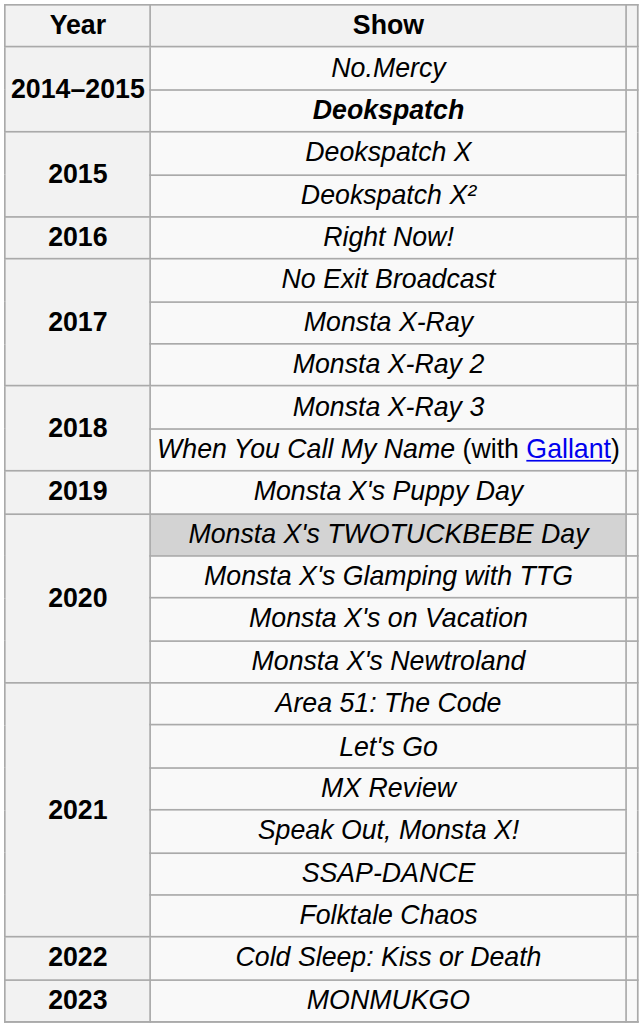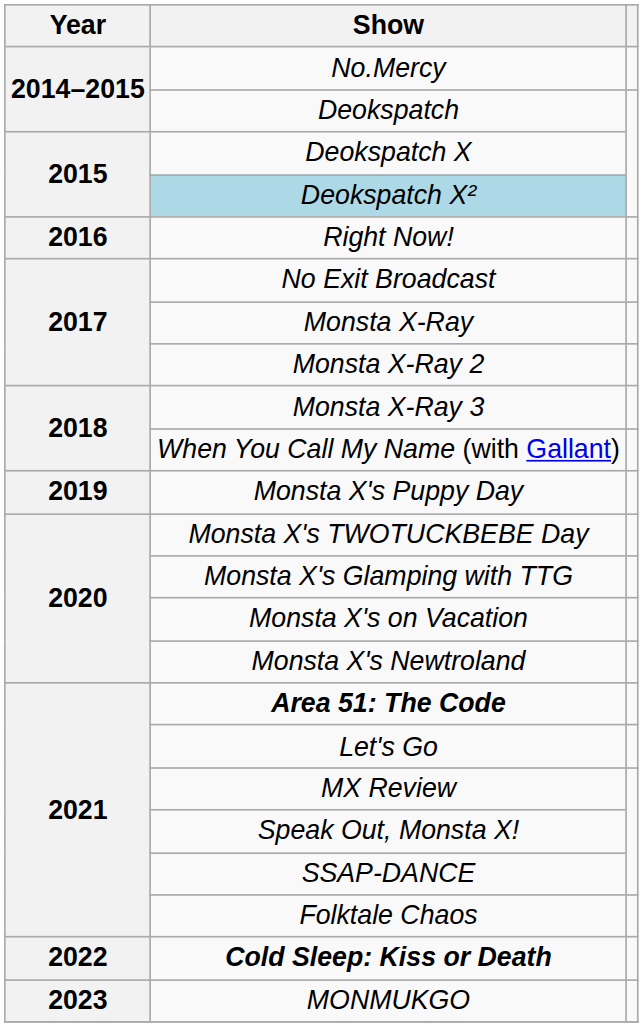 <table class="wikitable sortable plainrowheaders">
 <tr>
 <th scope="col">Year</th>
 <th scope="col">Show</th>
 <th scope="col" class="unsortable"></th>
 </tr>
 <tr>
 <th scope="row" rowspan="2">2014–2015</th>
 <td align="center"><em>No.Mercy</em></td>
 <td align="center"></td>
 </tr>
 <tr>
-<td align="center"><strong><em>Deokspatch</em></strong></td>
+<td align="center"><em>Deokspatch</em></td>
 <td align="center" rowspan="3"></td>
 </tr>
 <tr>
 <th scope="row" rowspan="2">2015</th>
 <td align="center"><em>Deokspatch X</em></td>
 </tr>
 <tr>
-<td align="center"><em>Deokspatch X²</em></td>
+<td align="center" style="background: lightblue;"><em>Deokspatch X²</em></td>
 </tr>
 <tr>
 <th scope="row">2016</th>
 <td align="center"><em>Right Now!</em></td>
 <td align="center"></td>
 </tr>
 <tr>
 <th scope="row" rowspan="3">2017</th>
 <td align="center"><em>No Exit Broadcast</em></td>
 <td align="center"></td>
 </tr>
 <tr>
 <td align="center"><em>Monsta X-Ray</em></td>
 <td align="center"></td>
 </tr>
 <tr>
 <td align="center"><em>Monsta X-Ray 2</em></td>
 <td align="center"></td>
 </tr>
 <tr>
 <th scope="row" rowspan="2">2018</th>
 <td align="center"><em>Monsta X-Ray 3</em></td>
 <td align="center"></td>
 </tr>
 <tr>
 <td align="center"><em>When You Call My Name</em> (with <a href='#'>Gallant</a>)</td>
 <td align="center"></td>
 </tr>
 <tr>
 <th scope="row">2019</th>
 <td align="center"><em>Monsta X's Puppy Day</em></td>
 <td align="center"></td>
 </tr>
 <tr>
 <th scope="row" rowspan="4">2020</th>
-<td align="center" style="background: lightgrey;"><em>Monsta X's TWOTUCKBEBE Day</em></td>
+<td align="center"><em>Monsta X's TWOTUCKBEBE Day</em></td>
 <td align="center"></td>
 </tr>
 <tr>
 <td align="center"><em>Monsta X's Glamping with TTG</em></td>
 <td align="center"></td>
 </tr>
 <tr>
 <td align="center"><em>Monsta X's on Vacation</em></td>
 <td align="center"></td>
 </tr>
 <tr>
 <td align="center"><em>Monsta X's Newtroland</em></td>
 <td align="center"></td>
 </tr>
 <tr>
 <th scope="row" rowspan="6">2021</th>
-<td align="center"><em>Area 51: The Code</em></td>
+<td align="center"><strong><em>Area 51: The Code</em></strong></td>
 <td align="center"></td>
 </tr>
 <tr>
 <td align="center"><em>Let's Go</em></td>
 <td align="center"></td>
 </tr>
 <tr>
 <td align="center"><em>MX Review</em></td>
 <td align="center" rowspan="3"></td>
 </tr>
 <tr>
 <td align="center"><em>Speak Out, Monsta X!</em></td>
 </tr>
 <tr>
 <td align="center"><em>SSAP-DANCE</em></td>
 </tr>
 <tr>
 <td align="center"><em>Folktale Chaos</em></td>
 <td align="center"></td>
 </tr>
 <tr>
 <th scope="row">2022</th>
-<td align="center"><em>Cold Sleep: Kiss or Death</em></td>
+<td align="center"><strong><em>Cold Sleep: Kiss or Death</em></strong></td>
 <td align="center"></td>
 </tr>
 <tr>
 <th scope="row">2023</th>
 <td align="center"><em>MONMUKGO</em></td>
 <td align="center"></td>
 </tr>
 <tr>
 </tr>
 </table>
